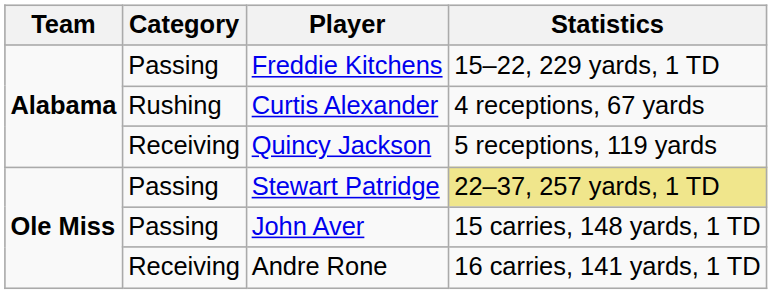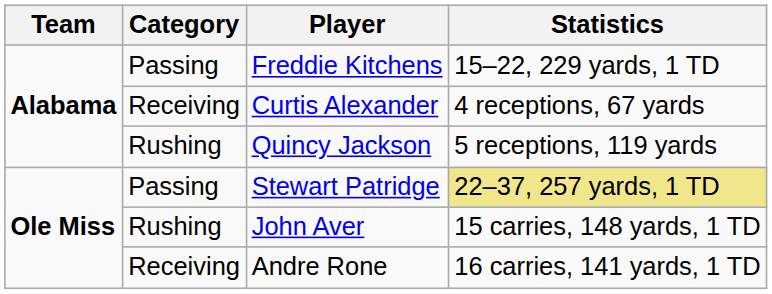 <table class="wikitable" style="float: right;">
 <tr>
 <th>Team</th>
 <th>Category</th>
 <th>Player</th>
 <th>Statistics</th>
 </tr>
 <tr>
 <td rowspan=3><strong>Alabama</strong></td>
 <td>Passing</td>
 <td><a href='#'>Freddie Kitchens</a></td>
 <td>15–22, 229 yards, 1 TD</td>
 </tr>
 <tr>
-<td>Rushing</td>
+<td>Receiving</td>
 <td><a href='#'>Curtis Alexander</a></td>
 <td>4 receptions, 67 yards</td>
 </tr>
 <tr>
-<td>Receiving</td>
+<td>Rushing</td>
 <td><a href='#'>Quincy Jackson</a></td>
 <td>5 receptions, 119 yards</td>
 </tr>
 <tr>
 <td rowspan=3><strong>Ole Miss</strong></td>
 <td>Passing</td>
 <td><a href='#'>Stewart Patridge</a></td>
 <td style="background: khaki;">22–37, 257 yards, 1 TD</td>
 </tr>
 <tr>
-<td>Passing</td>
+<td>Rushing</td>
 <td><a href='#'>John Aver</a></td>
 <td>15 carries, 148 yards, 1 TD</td>
 </tr>
 <tr>
 <td>Receiving</td>
 <td>Andre Rone</td>
 <td>16 carries, 141 yards, 1 TD</td>
 </tr>
 </table>
